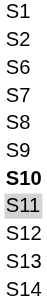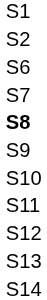 <table>
 <tr>
 <td>S1</td>
 <td></td>
 <td></td>
 <td></td>
 </tr>
 <tr>
 <td>S2</td>
 <td></td>
 <td></td>
 <td></td>
 </tr>
 <tr>
 <td>S6</td>
 <td></td>
 <td></td>
 <td></td>
 </tr>
 <tr>
 <td>S7</td>
 <td></td>
 <td></td>
 <td></td>
 </tr>
 <tr>
-<td>S8</td>
+<td><strong>S8</strong></td>
 <td></td>
 <td></td>
 <td></td>
 </tr>
 <tr>
 <td>S9</td>
 <td></td>
 <td></td>
 <td></td>
 </tr>
 <tr>
-<td><strong>S10</strong></td>
+<td>S10</td>
 <td></td>
 <td></td>
 <td></td>
 </tr>
 <tr>
-<td style="background: lightgrey;">S11</td>
+<td>S11</td>
 <td></td>
 <td></td>
 <td></td>
 </tr>
 <tr>
 <td>S12</td>
 <td></td>
 <td></td>
 <td></td>
 </tr>
 <tr>
 <td>S13</td>
 <td></td>
 <td></td>
 <td></td>
 </tr>
 <tr>
 <td>S14</td>
 <td></td>
 <td></td>
 <td></td>
 </tr>
 </table>
